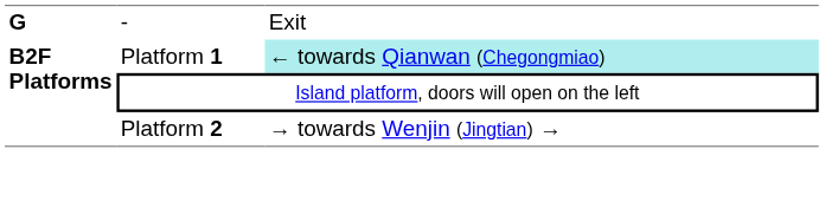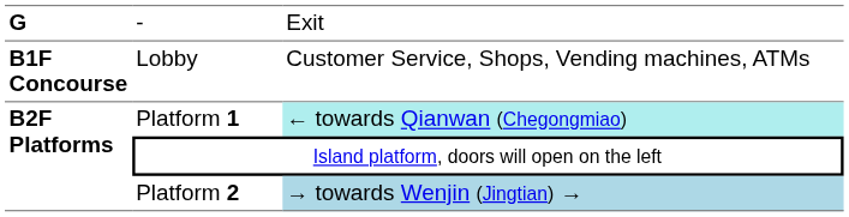 <table table border=0 cellspacing=0 cellpadding=3>
 <tr>
 <td style="border-top:solid 1px gray;" width=50 valign=top><strong>G</strong></td>
 <td style="border-top:solid 1px gray;" width=100 valign=top>-</td>
 <td style="border-top:solid 1px gray;" width=390 valign=top>Exit</td>
+</tr>
+<tr>
+<td style="border-bottom:solid 1px gray; border-top:solid 1px gray;" valign=top width=50><strong>B1F<br>Concourse</strong></td>
+<td style="border-bottom:solid 1px gray; border-top:solid 1px gray;" valign=top width=100>Lobby</td>
+<td style="border-bottom:solid 1px gray; border-top:solid 1px gray;" valign=top width=390>Customer Service, Shops, Vending machines, ATMs</td>
 </tr>
 <tr>
 <td style="border-bottom:solid 1px gray;" rowspan="3" valign=top><strong>B2F<br>Platforms</strong></td>
 <td>Platform <strong>1</strong></td>
 <td style="background: paleturquoise;">←  towards <a href='#'>Qianwan</a> <small>(<a href='#'>Chegongmiao</a>)</small></td>
 </tr>
 <tr>
 <td style="border-right:solid 2px black;border-left:solid 2px black;border-top:solid 2px black;border-bottom:solid 2px black;text-align:center;" colspan=2><small><a href='#'>Island platform</a>, doors will open on the left</small></td>
 </tr>
 <tr>
 <td style="border-bottom:solid 1px gray;">Platform <strong>2</strong></td>
-<td style="border-bottom:solid 1px gray;"><span>→</span>  towards <a href='#'>Wenjin</a> <small>(<a href='#'>Jingtian</a>)</small> →</td>
+<td style="background: lightblue; border-bottom:solid 1px gray;"><span>→</span>  towards <a href='#'>Wenjin</a> <small>(<a href='#'>Jingtian</a>)</small> →</td>
 </tr>
 </table>
